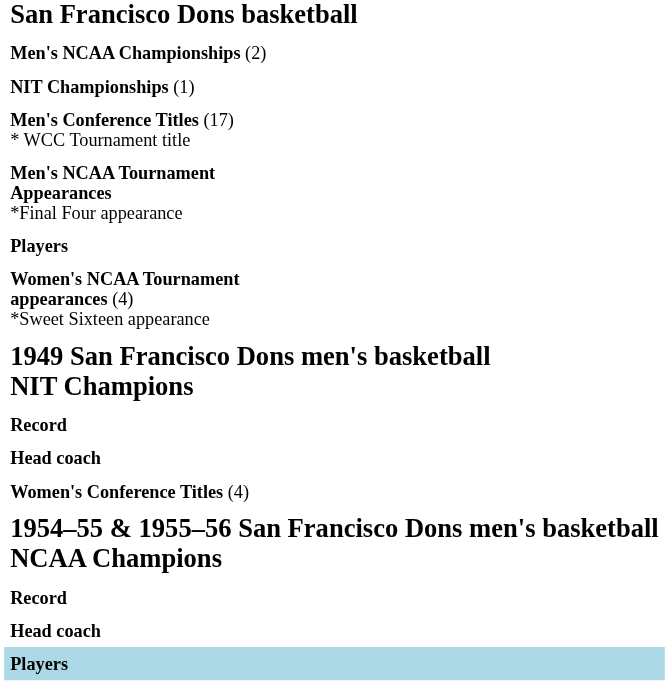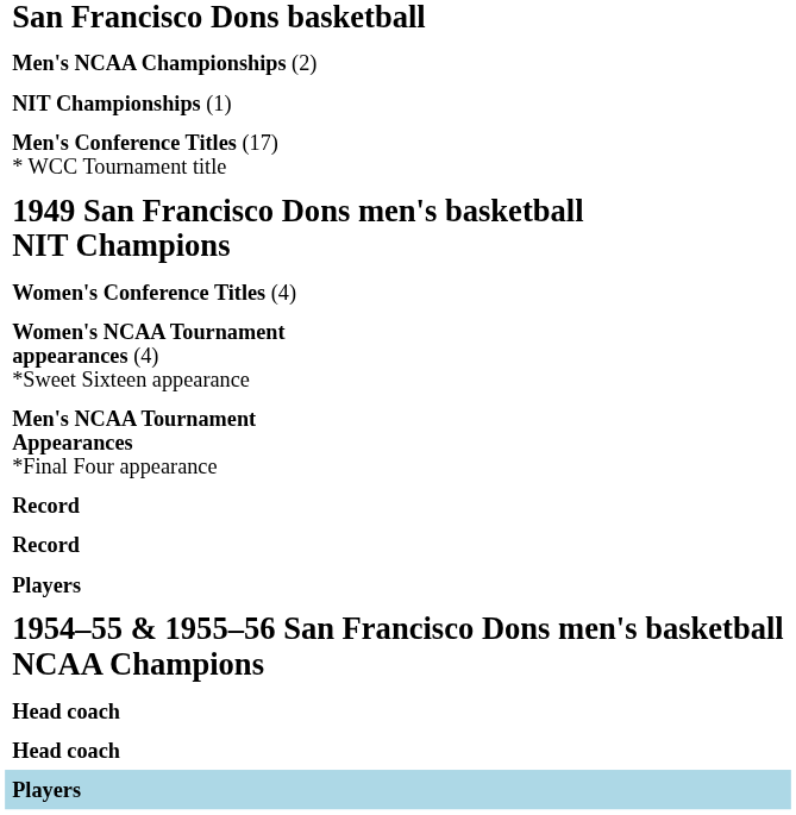 <table class="toccolours" style="margin:1em auto;" cellpadding="4" cellspacing="0">
 <tr>
 <td><strong>San Francisco Dons basketball</strong></td>
 </tr>
 <tr>
 <td style="font-size:11px; text-align:left;"><strong>Men's NCAA Championships</strong> (2)</td>
 <td style="text-align:center;"></td>
 </tr>
 <tr 1955 • 1956>
 </tr>
 <tr>
 <td style="font-size:11px; text-align:left;"><strong>NIT Championships</strong> (1)</td>
 <td style="text-align:center;"></td>
 </tr>
 <tr 1949>
 </tr>
 <tr>
 <td style="font-size:11px; text-align:left;"><strong>Men's Conference Titles</strong> (17)<br> * WCC Tournament title</td>
 <td style="text-align:center;"></td>
 </tr>
 <tr 1955>
 </tr>
 <tr>
-<td style="font-size:11px; text-align:left;"><strong>Men's NCAA Tournament<br>Appearances</strong> <br> *Final Four appearance</td>
+<td><strong>1949 San Francisco Dons men's basketball<br>NIT Champions</strong></td>
 <td style="text-align:center;"></td>
 </tr>
 <tr 1955*>
 </tr>
 <tr>
-<td style="font-size:11px; text-align:left;"><strong>Players</strong></td>
+<td style="font-size:11px; text-align:left;"><strong>Women's Conference Titles</strong> (4)</td>
 <td style="text-align:center;"></td>
 </tr>
 <tr 1995>
 </tr>
 <tr>
 <td style="font-size:11px; text-align:left;"><strong>Women's NCAA Tournament<br>appearances</strong> (4) <br> *Sweet Sixteen appearance</td>
 <td style="text-align:center;"></td>
 </tr>
 <tr 1995>
 </tr>
 <tr>
-<td><strong>1949 San Francisco Dons men's basketball<br>NIT Champions</strong></td>
+<td style="font-size:11px; text-align:left;"><strong>Men's NCAA Tournament<br>Appearances</strong> <br> *Final Four appearance</td>
 </tr>
 <tr>
 <td style="font-size:11px; text-align:left;"><strong>Record</strong></td>
 <td style="text-align:center;"></td>
 </tr>
 <tr 25-5>
 </tr>
 <tr>
-<td style="font-size:11px; text-align:left;"><strong>Head coach</strong></td>
+<td style="font-size:11px; text-align:left;"><strong>Record</strong></td>
 <td style="text-align:center;"></td>
 </tr>
 <tr>
 </tr>
 <tr>
-<td style="font-size:11px; text-align:left;"><strong>Women's Conference Titles</strong> (4)</td>
+<td style="font-size:11px; text-align:left;"><strong>Players</strong></td>
 <td style="text-align:center;"></td>
 </tr>
 <tr>
 </tr>
 <tr>
 <td><strong>1954–55 & 1955–56 San Francisco Dons men's basketball<br>NCAA Champions</strong></td>
 </tr>
 <tr>
-<td style="font-size:11px; text-align:left;"><strong>Record</strong></td>
+<td style="font-size:11px; text-align:left;"><strong>Head coach</strong></td>
 <td style="text-align:center;"></td>
 </tr>
 <tr 28-1 (1954–55)>
 </tr>
 <tr>
 <td style="font-size:11px; text-align:left;"><strong>Head coach</strong></td>
 <td style="text-align:center;"></td>
 </tr>
 <tr>
 </tr>
 <tr>
 <td style="background: lightblue; font-size:11px; text-align:left;"><strong>Players</strong></td>
 <td style="text-align:center;"></td>
 </tr>
 <tr>
 </tr>
 </table>
